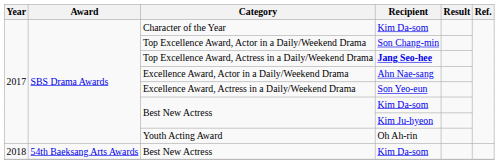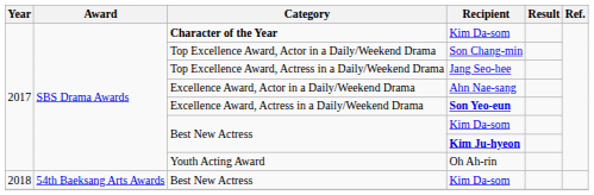 <table class="wikitable">
 <tr>
 <th>Year</th>
 <th>Award</th>
 <th>Category</th>
 <th>Recipient</th>
 <th>Result</th>
 <th>Ref.</th>
 </tr>
 <tr>
 <td rowspan=8>2017</td>
 <td rowspan=8><a href='#'>SBS Drama Awards</a></td>
-<td>Character of the Year</td>
+<td><strong>Character of the Year</strong></td>
 <td><a href='#'>Kim Da-som</a></td>
 <td></td>
 <td rowspan=8></td>
 </tr>
 <tr>
 <td>Top Excellence Award, Actor in a Daily/Weekend Drama</td>
 <td><a href='#'>Son Chang-min</a></td>
 <td></td>
 </tr>
 <tr>
 <td>Top Excellence Award, Actress in a Daily/Weekend Drama</td>
-<td><strong><a href='#'>Jang Seo-hee</a></strong></td>
+<td><a href='#'>Jang Seo-hee</a></td>
 <td></td>
 </tr>
 <tr>
 <td>Excellence Award, Actor in a Daily/Weekend Drama</td>
 <td><a href='#'>Ahn Nae-sang</a></td>
 <td></td>
 </tr>
 <tr>
 <td>Excellence Award, Actress in a Daily/Weekend Drama</td>
-<td><a href='#'>Son Yeo-eun</a></td>
+<td><strong><a href='#'>Son Yeo-eun</a></strong></td>
 <td></td>
 </tr>
 <tr>
 <td rowspan=2>Best New Actress</td>
 <td><a href='#'>Kim Da-som</a></td>
 <td></td>
 </tr>
 <tr>
-<td><a href='#'>Kim Ju-hyeon</a></td>
+<td><strong><a href='#'>Kim Ju-hyeon</a></strong></td>
 <td></td>
 </tr>
 <tr>
 <td>Youth Acting Award</td>
 <td>Oh Ah-rin</td>
 <td></td>
 </tr>
 <tr>
 <td>2018</td>
 <td><a href='#'>54th Baeksang Arts Awards</a></td>
 <td>Best New Actress</td>
 <td><a href='#'>Kim Da-som</a></td>
 <td></td>
 <td></td>
 </tr>
 <tr>
 </tr>
 </table>
